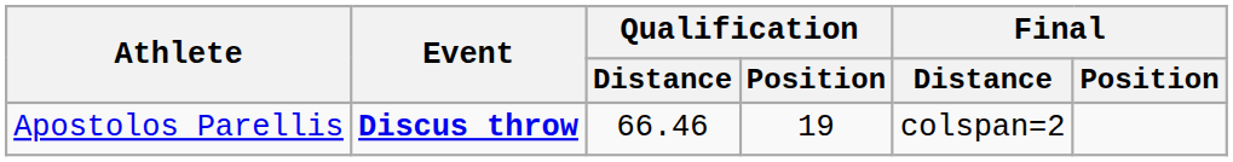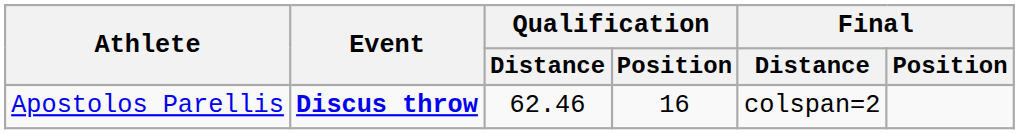 <table class="wikitable" style="font-size:90%">
 <tr>
 <th rowspan="2">Athlete</th>
 <th rowspan="2">Event</th>
 <th colspan="2">Qualification</th>
 <th colspan="2">Final</th>
 </tr>
 <tr style="font-size:95%">
 <th>Distance</th>
 <th>Position</th>
 <th>Distance</th>
 <th>Position</th>
 </tr>
 <tr align="center">
 <td align="left"><a href='#'>Apostolos Parellis</a></td>
 <td align="left"><strong><a href='#'>Discus throw</a></strong></td>
-<td>66.46</td>
-<td>19</td>
+<td>62.46</td>
+<td>16</td>
 <td>colspan=2 </td>
 </tr>
 </table>
